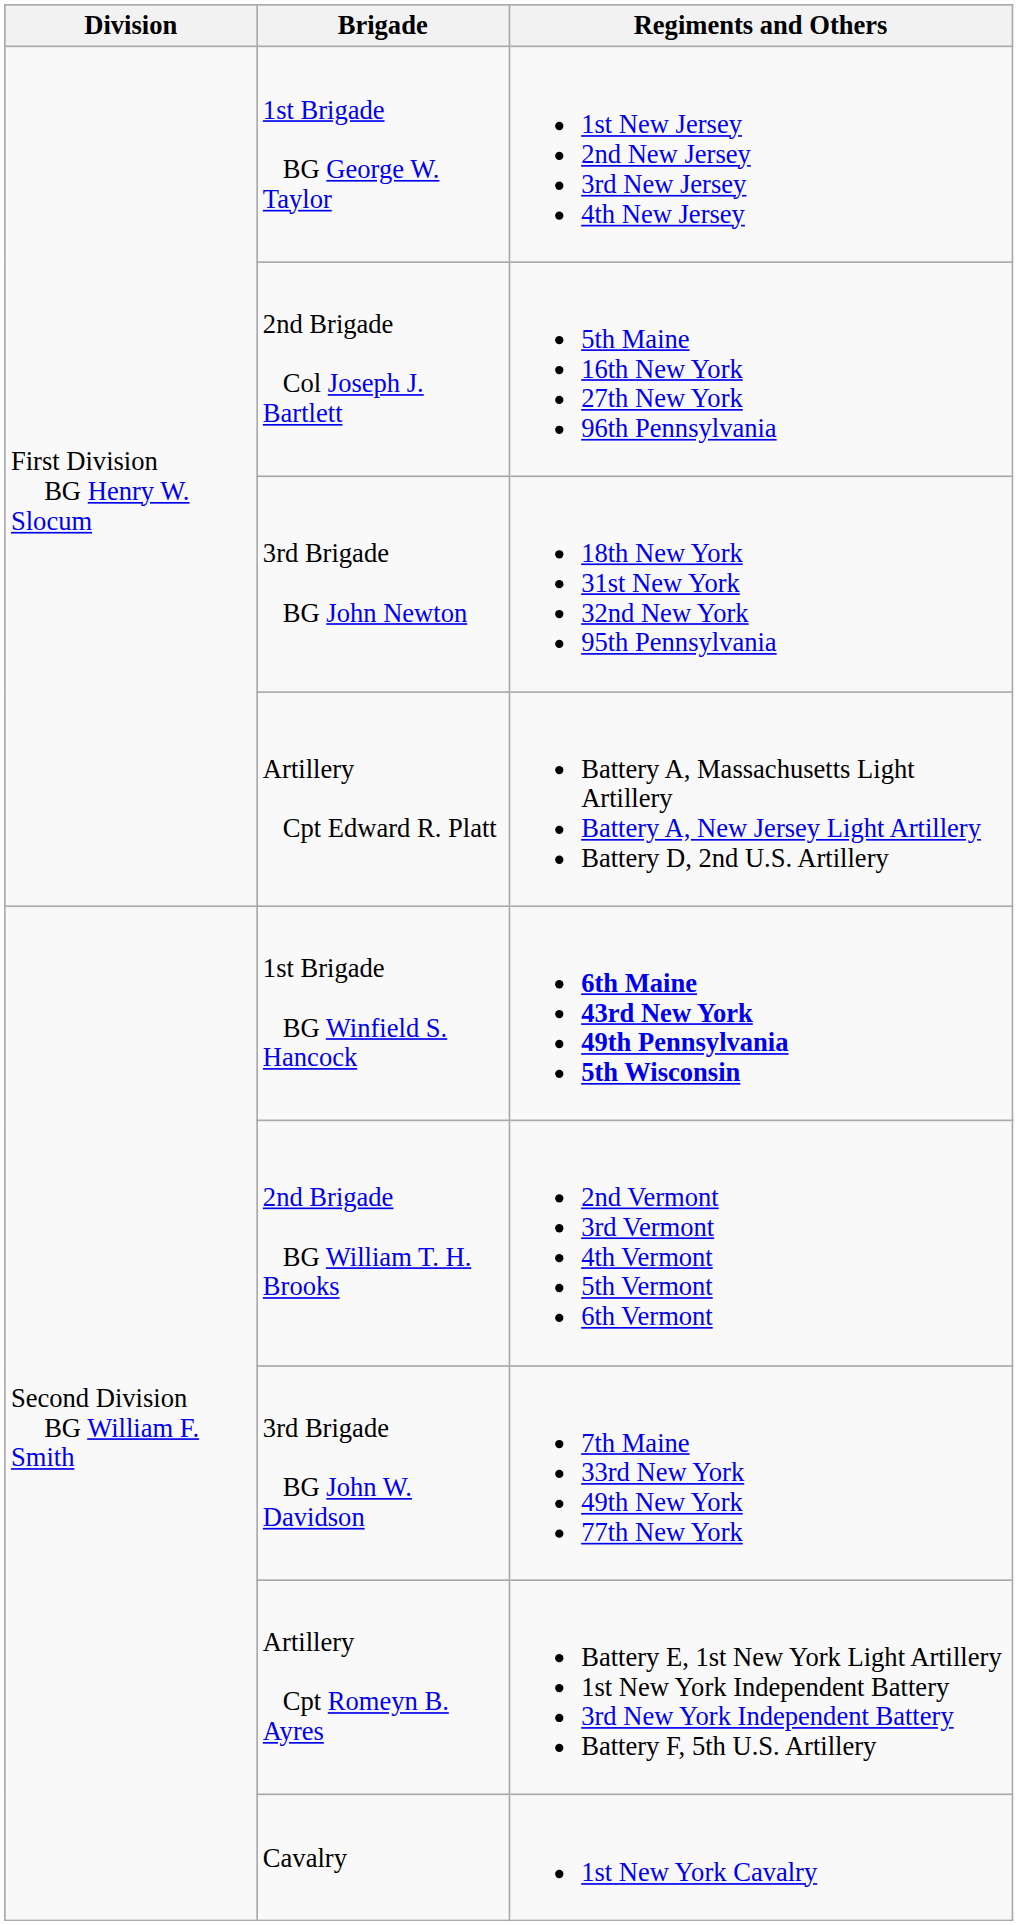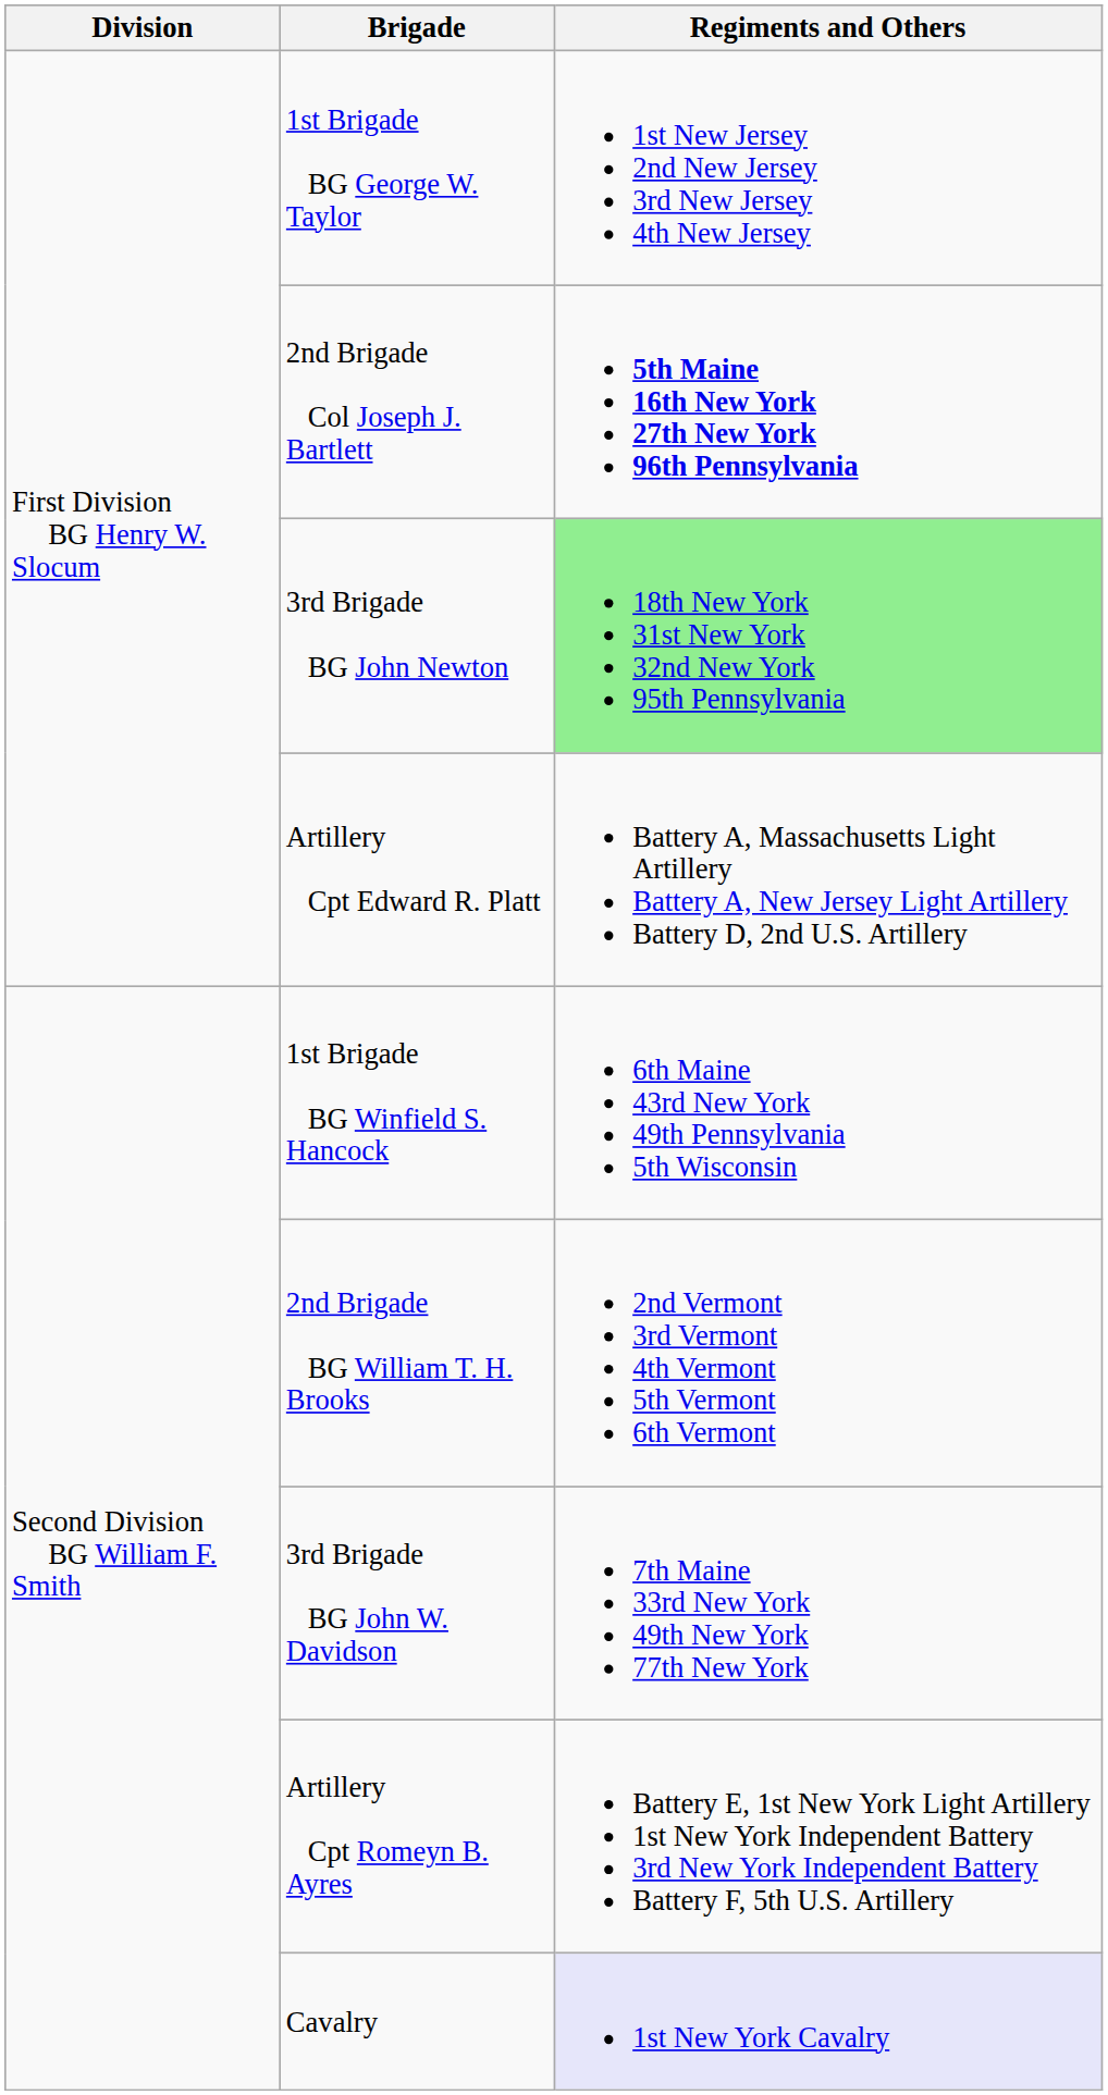 <table class="wikitable">
 <tr>
 <th style="width:25%;">Division</th>
 <th style="width:25%;">Brigade</th>
 <th>Regiments and Others</th>
 </tr>
 <tr>
 <td rowspan=4><br>First Division <br>     BG <a href='#'>Henry W. Slocum</a></td>
 <td><a href='#'>1st Brigade</a><br><br>   BG <a href='#'>George W. Taylor</a></td>
 <td><br><ul><li><a href='#'>1st New Jersey</a></li><li><a href='#'>2nd New Jersey</a></li><li><a href='#'>3rd New Jersey</a></li><li><a href='#'>4th New Jersey</a></li></ul></td>
 </tr>
 <tr>
 <td>2nd Brigade<br><br>   Col <a href='#'>Joseph J. Bartlett</a></td>
-<td><br><ul><li><a href='#'>5th Maine</a></li><li><a href='#'>16th New York</a></li><li><a href='#'>27th New York</a></li><li><a href='#'>96th Pennsylvania</a></li></ul></td>
+<td><strong><br><ul><li><a href='#'>5th Maine</a></li><li><a href='#'>16th New York</a></li><li><a href='#'>27th New York</a></li><li><a href='#'>96th Pennsylvania</a></li></ul></strong></td>
 </tr>
 <tr>
 <td>3rd Brigade<br><br>   BG <a href='#'>John Newton</a></td>
-<td><br><ul><li><a href='#'>18th New York</a></li><li><a href='#'>31st New York</a></li><li><a href='#'>32nd New York</a></li><li><a href='#'>95th Pennsylvania</a></li></ul></td>
+<td style="background: lightgreen;"><br><ul><li><a href='#'>18th New York</a></li><li><a href='#'>31st New York</a></li><li><a href='#'>32nd New York</a></li><li><a href='#'>95th Pennsylvania</a></li></ul></td>
 </tr>
 <tr>
 <td>Artillery<br><br>   Cpt Edward R. Platt</td>
 <td><br><ul><li>Battery A, Massachusetts Light Artillery</li><li><a href='#'>Battery A, New Jersey Light Artillery</a></li><li>Battery D, 2nd U.S. Artillery</li></ul></td>
 </tr>
 <tr>
 <td rowspan=5><br>Second Division <br>     BG <a href='#'>William F. Smith</a></td>
 <td>1st Brigade<br><br>   BG <a href='#'>Winfield S. Hancock</a></td>
-<td><strong><br><ul><li><a href='#'>6th Maine</a></li><li><a href='#'>43rd New York</a></li><li><a href='#'>49th Pennsylvania</a></li><li><a href='#'>5th Wisconsin</a></li></ul></strong></td>
+<td><br><ul><li><a href='#'>6th Maine</a></li><li><a href='#'>43rd New York</a></li><li><a href='#'>49th Pennsylvania</a></li><li><a href='#'>5th Wisconsin</a></li></ul></td>
 </tr>
 <tr>
 <td><a href='#'>2nd Brigade</a><br><br>   BG <a href='#'>William T. H. Brooks</a></td>
 <td><br><ul><li><a href='#'>2nd Vermont</a></li><li><a href='#'>3rd Vermont</a></li><li><a href='#'>4th Vermont</a></li><li><a href='#'>5th Vermont</a></li><li><a href='#'>6th Vermont</a></li></ul></td>
 </tr>
 <tr>
 <td>3rd Brigade<br><br>   BG <a href='#'>John W. Davidson</a></td>
 <td><br><ul><li><a href='#'>7th Maine</a></li><li><a href='#'>33rd New York</a></li><li><a href='#'>49th New York</a></li><li><a href='#'>77th New York</a></li></ul></td>
 </tr>
 <tr>
 <td>Artillery<br><br>   Cpt <a href='#'>Romeyn B. Ayres</a></td>
 <td><br><ul><li>Battery E, 1st New York Light Artillery</li><li>1st New York Independent Battery</li><li><a href='#'>3rd New York Independent Battery</a></li><li>Battery F, 5th U.S. Artillery</li></ul></td>
 </tr>
 <tr>
 <td>Cavalry</td>
-<td><br><ul><li><a href='#'>1st New York Cavalry</a></li></ul></td>
+<td style="background: lavender;"><br><ul><li><a href='#'>1st New York Cavalry</a></li></ul></td>
 </tr>
 </table>
